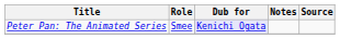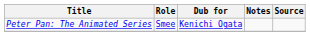 <table class="wikitable" style="font-size: 90%;">
 <tr>
 <th>Title</th>
 <th>Role</th>
 <th>Dub for</th>
 <th>Notes</th>
 <th>Source</th>
 </tr>
 <tr>
 <td><em><a href='#'>Peter Pan: The Animated Series</a></em></td>
 <td><a href='#'>Smee</a></td>
-<td style="background: lavender;"><a href='#'>Kenichi Ogata</a></td>
+<td><a href='#'>Kenichi Ogata</a></td>
 <td></td>
 <td></td>
 </tr>
 <tr>
 </tr>
 </table>
